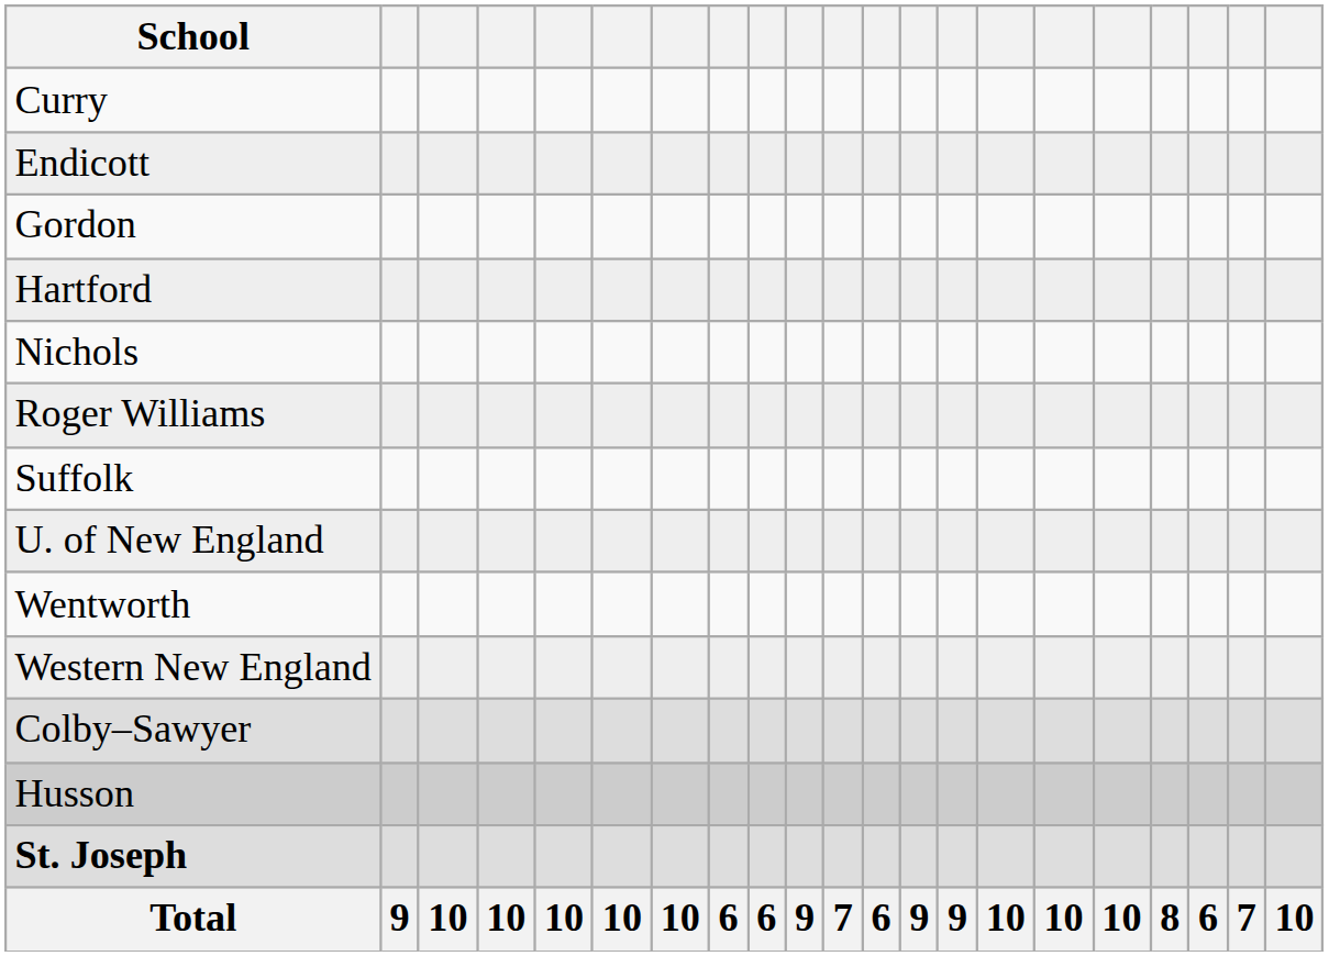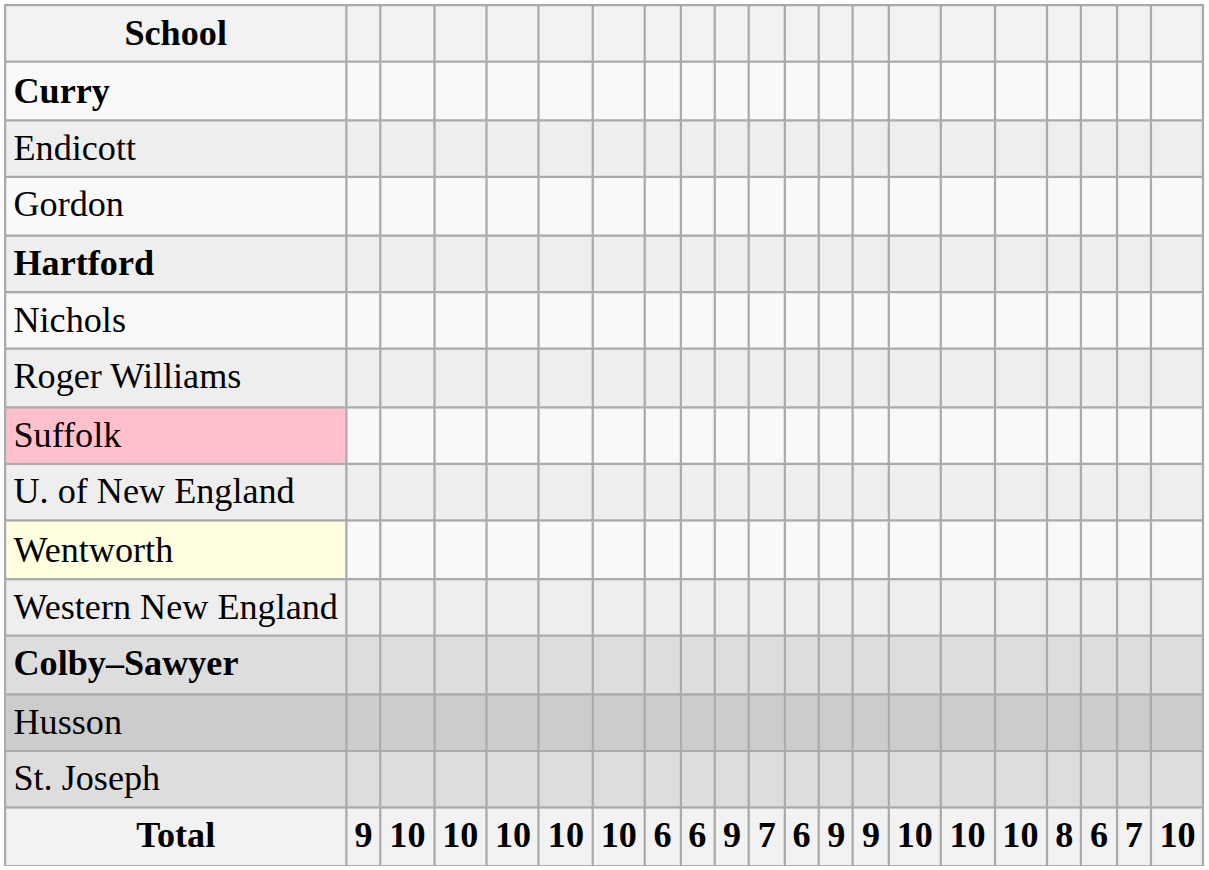 <table class="wikitable">
 <tr>
 <th>School</th>
 <th></th>
 <th></th>
 <th></th>
 <th></th>
 <th></th>
 <th></th>
 <th></th>
 <th></th>
 <th></th>
 <th></th>
 <th></th>
 <th></th>
 <th></th>
 <th></th>
 <th></th>
 <th></th>
 <th></th>
 <th></th>
 <th></th>
 <th></th>
 </tr>
 <tr>
-<td>Curry</td>
+<td><strong>Curry</strong></td>
 <td></td>
 <td></td>
 <td></td>
 <td></td>
 <td></td>
 <td></td>
 <td></td>
 <td></td>
 <td></td>
 <td></td>
 <td></td>
 <td></td>
 <td></td>
 <td></td>
 <td></td>
 <td></td>
 <td></td>
 <td></td>
 <td></td>
 <td></td>
 </tr>
 <tr bgcolor=eeeeee>
 <td>Endicott</td>
 <td></td>
 <td></td>
 <td></td>
 <td></td>
 <td></td>
 <td></td>
 <td></td>
 <td></td>
 <td></td>
 <td></td>
 <td></td>
 <td></td>
 <td></td>
 <td></td>
 <td></td>
 <td></td>
 <td></td>
 <td></td>
 <td></td>
 <td></td>
 </tr>
 <tr>
 <td>Gordon</td>
 <td></td>
 <td></td>
 <td></td>
 <td></td>
 <td></td>
 <td></td>
 <td></td>
 <td></td>
 <td></td>
 <td></td>
 <td></td>
 <td></td>
 <td></td>
 <td></td>
 <td></td>
 <td></td>
 <td></td>
 <td></td>
 <td></td>
 <td></td>
 </tr>
 <tr bgcolor=eeeeee>
-<td>Hartford</td>
+<td><strong>Hartford</strong></td>
 <td></td>
 <td></td>
 <td></td>
 <td></td>
 <td></td>
 <td></td>
 <td></td>
 <td></td>
 <td></td>
 <td></td>
 <td></td>
 <td></td>
 <td></td>
 <td></td>
 <td></td>
 <td></td>
 <td></td>
 <td></td>
 <td></td>
 <td></td>
 </tr>
 <tr>
 <td>Nichols</td>
 <td></td>
 <td></td>
 <td></td>
 <td></td>
 <td></td>
 <td></td>
 <td></td>
 <td></td>
 <td></td>
 <td></td>
 <td></td>
 <td></td>
 <td></td>
 <td></td>
 <td></td>
 <td></td>
 <td></td>
 <td></td>
 <td></td>
 <td></td>
 </tr>
 <tr bgcolor=eeeeee>
 <td>Roger Williams</td>
 <td></td>
 <td></td>
 <td></td>
 <td></td>
 <td></td>
 <td></td>
 <td></td>
 <td></td>
 <td></td>
 <td></td>
 <td></td>
 <td></td>
 <td></td>
 <td></td>
 <td></td>
 <td></td>
 <td></td>
 <td></td>
 <td></td>
 <td></td>
 </tr>
 <tr>
-<td>Suffolk</td>
+<td style="background: pink;">Suffolk</td>
 <td></td>
 <td></td>
 <td></td>
 <td></td>
 <td></td>
 <td></td>
 <td></td>
 <td></td>
 <td></td>
 <td></td>
 <td></td>
 <td></td>
 <td></td>
 <td></td>
 <td></td>
 <td></td>
 <td></td>
 <td></td>
 <td></td>
 <td></td>
 </tr>
 <tr bgcolor=eeeeee>
 <td>U. of New England</td>
 <td></td>
 <td></td>
 <td></td>
 <td></td>
 <td></td>
 <td></td>
 <td></td>
 <td></td>
 <td></td>
 <td></td>
 <td></td>
 <td></td>
 <td></td>
 <td></td>
 <td></td>
 <td></td>
 <td></td>
 <td></td>
 <td></td>
 <td></td>
 </tr>
 <tr>
-<td>Wentworth</td>
+<td style="background: lightyellow;">Wentworth</td>
 <td></td>
 <td></td>
 <td></td>
 <td></td>
 <td></td>
 <td></td>
 <td></td>
 <td></td>
 <td></td>
 <td></td>
 <td></td>
 <td></td>
 <td></td>
 <td></td>
 <td></td>
 <td></td>
 <td></td>
 <td></td>
 <td></td>
 <td></td>
 </tr>
 <tr bgcolor=eeeeee>
 <td>Western New England</td>
 <td></td>
 <td></td>
 <td></td>
 <td></td>
 <td></td>
 <td></td>
 <td></td>
 <td></td>
 <td></td>
 <td></td>
 <td></td>
 <td></td>
 <td></td>
 <td></td>
 <td></td>
 <td></td>
 <td></td>
 <td></td>
 <td></td>
 <td></td>
 </tr>
 <tr bgcolor=dddddd>
-<td>Colby–Sawyer</td>
+<td><strong>Colby–Sawyer</strong></td>
 <td></td>
 <td></td>
 <td></td>
 <td></td>
 <td></td>
 <td></td>
 <td></td>
 <td></td>
 <td></td>
 <td></td>
 <td></td>
 <td></td>
 <td></td>
 <td></td>
 <td></td>
 <td></td>
 <td></td>
 <td></td>
 <td></td>
 <td></td>
 </tr>
 <tr bgcolor=cccccc>
 <td>Husson</td>
 <td></td>
 <td></td>
 <td></td>
 <td></td>
 <td></td>
 <td></td>
 <td></td>
 <td></td>
 <td></td>
 <td></td>
 <td></td>
 <td></td>
 <td></td>
 <td></td>
 <td></td>
 <td></td>
 <td></td>
 <td></td>
 <td></td>
 <td></td>
 </tr>
 <tr bgcolor=dddddd>
-<td><strong>St. Joseph</strong></td>
+<td>St. Joseph</td>
 <td></td>
 <td></td>
 <td></td>
 <td></td>
 <td></td>
 <td></td>
 <td></td>
 <td></td>
 <td></td>
 <td></td>
 <td></td>
 <td></td>
 <td></td>
 <td></td>
 <td></td>
 <td></td>
 <td></td>
 <td></td>
 <td></td>
 <td></td>
 </tr>
 <tr>
 <th>Total</th>
 <th>9</th>
 <th>10</th>
 <th>10</th>
 <th>10</th>
 <th>10</th>
 <th>10</th>
 <th>6</th>
 <th>6</th>
 <th>9</th>
 <th>7</th>
 <th>6</th>
 <th>9</th>
 <th>9</th>
 <th>10</th>
 <th>10</th>
 <th>10</th>
 <th>8</th>
 <th>6</th>
 <th>7</th>
 <th>10</th>
 </tr>
 </table>
